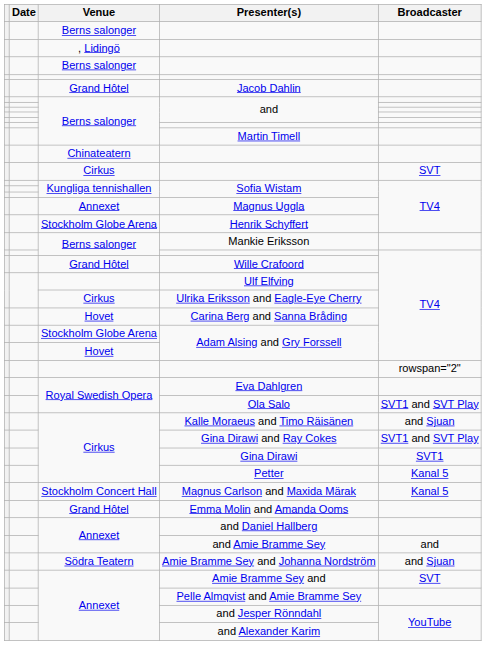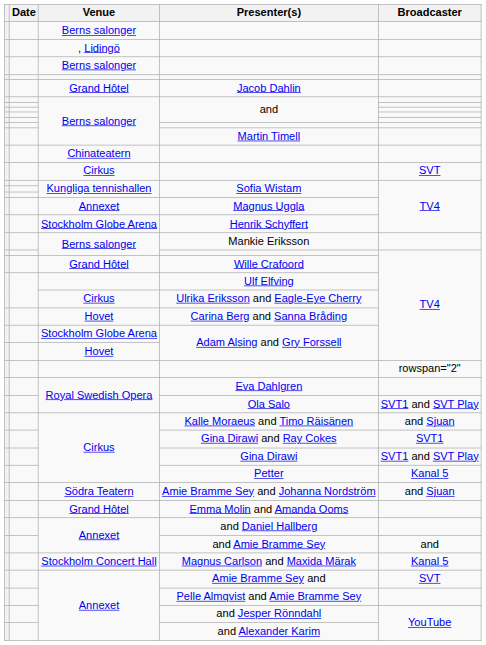 <table class="wikitable sortable plainrowheaders" style="text-align:center">
 <tr>
 <th scope="col"></th>
 <th scope="col">Date</th>
 <th scope="col">Venue</th>
 <th scope="col" class="unsortable">Presenter(s)</th>
 <th scope="col">Broadcaster</th>
 </tr>
 <tr>
 <th scope="row"></th>
 <td></td>
 <td><a href='#'>Berns salonger</a></td>
 <td></td>
 <td></td>
 </tr>
 <tr>
 <th scope="row"></th>
 <td></td>
 <td>, <a href='#'>Lidingö</a></td>
 <td></td>
 <td></td>
 </tr>
 <tr>
 <th scope="row"></th>
 <td></td>
 <td><a href='#'>Berns salonger</a></td>
 <td></td>
 <td></td>
 </tr>
 <tr>
 <th scope="row"></th>
 <td></td>
 <td></td>
 <td></td>
 <td></td>
 </tr>
 <tr>
 <th scope="row"></th>
 <td></td>
 <td><a href='#'>Grand Hôtel</a></td>
 <td><a href='#'>Jacob Dahlin</a></td>
 <td></td>
 </tr>
 <tr>
 <th scope="row"></th>
 <td></td>
 <td rowspan="7"><a href='#'>Berns salonger</a></td>
 <td rowspan="5"> and </td>
 <td></td>
 </tr>
 <tr>
 <th scope="row"></th>
 <td></td>
 <td></td>
 </tr>
 <tr>
 <th scope="row"></th>
 <td></td>
 <td></td>
 </tr>
 <tr>
 <th scope="row"></th>
 <td></td>
 <td></td>
 </tr>
 <tr>
 <th scope="row"></th>
 <td></td>
 <td></td>
 </tr>
 <tr>
 <th scope="row"></th>
 <td></td>
 <td></td>
 <td></td>
 </tr>
 <tr>
 <th scope="row"></th>
 <td></td>
 <td><a href='#'>Martin Timell</a></td>
 <td></td>
 </tr>
 <tr>
 <th scope="row"></th>
 <td></td>
 <td><a href='#'>Chinateatern</a></td>
 <td></td>
 <td></td>
 </tr>
 <tr>
 <th scope="row"></th>
 <td></td>
 <td><a href='#'>Cirkus</a></td>
 <td></td>
 <td><a href='#'>SVT</a></td>
 </tr>
 <tr>
 <th scope="row"></th>
 <td></td>
 <td rowspan="3"><a href='#'>Kungliga tennishallen</a></td>
 <td rowspan="3"><a href='#'>Sofia Wistam</a></td>
 <td rowspan="5"><a href='#'>TV4</a></td>
 </tr>
 <tr>
 <th scope="row"></th>
 <td></td>
 </tr>
 <tr>
 <th scope="row"></th>
 <td></td>
 </tr>
 <tr>
 <th scope="row"></th>
 <td></td>
 <td><a href='#'>Annexet</a></td>
 <td><a href='#'>Magnus Uggla</a></td>
 </tr>
 <tr>
 <th scope="row"></th>
 <td></td>
 <td><a href='#'>Stockholm Globe Arena</a></td>
 <td><a href='#'>Henrik Schyffert</a></td>
 </tr>
 <tr>
 <th scope="row"></th>
 <td></td>
 <td rowspan="2"><a href='#'>Berns salonger</a></td>
 <td>Mankie Eriksson</td>
 <td></td>
 </tr>
 <tr>
 <th scope="row"></th>
 <td></td>
 <td></td>
 <td rowspan="7"><a href='#'>TV4</a></td>
 </tr>
 <tr>
 <th scope="row"></th>
 <td></td>
 <td><a href='#'>Grand Hôtel</a></td>
 <td><a href='#'>Wille Crafoord</a></td>
 </tr>
 <tr>
 <th scope="row" rowspan="2"></th>
 <td rowspan="2"></td>
 <td></td>
 <td><a href='#'>Ulf Elfving</a></td>
 </tr>
 <tr>
 <td><a href='#'>Cirkus</a></td>
 <td><a href='#'>Ulrika Eriksson</a> and <a href='#'>Eagle-Eye Cherry</a></td>
 </tr>
 <tr>
 <th scope="row"></th>
 <td></td>
 <td><a href='#'>Hovet</a></td>
 <td><a href='#'>Carina Berg</a> and <a href='#'>Sanna Bråding</a></td>
 </tr>
 <tr>
 <th scope="row"></th>
 <td></td>
 <td><a href='#'>Stockholm Globe Arena</a></td>
 <td rowspan="2"><a href='#'>Adam Alsing</a> and <a href='#'>Gry Forssell</a></td>
 </tr>
 <tr>
 <th scope="row"></th>
 <td></td>
 <td><a href='#'>Hovet</a></td>
 </tr>
 <tr>
 <th scope="row"></th>
 <td></td>
 <td></td>
 <td></td>
 <td>rowspan="2"</td>
 </tr>
 <tr>
 <th scope="row"></th>
 <td></td>
 <td rowspan="2"><a href='#'>Royal Swedish Opera</a></td>
 <td><a href='#'>Eva Dahlgren</a></td>
 </tr>
 <tr>
 <th scope="row"></th>
 <td></td>
 <td><a href='#'>Ola Salo</a></td>
 <td><a href='#'>SVT1</a> and <a href='#'>SVT Play</a></td>
 </tr>
 <tr>
 <th scope="row"></th>
 <td></td>
 <td rowspan="4"><a href='#'>Cirkus</a></td>
 <td><a href='#'>Kalle Moraeus</a> and <a href='#'>Timo Räisänen</a></td>
 <td> and <a href='#'>Sjuan</a></td>
 </tr>
 <tr>
 <th scope="row"></th>
 <td></td>
 <td><a href='#'>Gina Dirawi</a> and <a href='#'>Ray Cokes</a></td>
-<td><a href='#'>SVT1</a> and <a href='#'>SVT Play</a></td>
+<td><a href='#'>SVT1</a></td>
 </tr>
 <tr>
 <th scope="row"></th>
 <td></td>
 <td><a href='#'>Gina Dirawi</a></td>
-<td><a href='#'>SVT1</a></td>
+<td><a href='#'>SVT1</a> and <a href='#'>SVT Play</a></td>
 </tr>
 <tr>
 <th scope="row"></th>
 <td></td>
 <td><a href='#'>Petter</a></td>
 <td><a href='#'>Kanal 5</a></td>
 </tr>
 <tr>
 <th scope="row"></th>
 <td></td>
-<td><a href='#'>Stockholm Concert Hall</a></td>
-<td><a href='#'>Magnus Carlson</a> and <a href='#'>Maxida Märak</a></td>
-<td><a href='#'>Kanal 5</a></td>
+<td><a href='#'>Södra Teatern</a></td>
+<td><a href='#'>Amie Bramme Sey</a> and <a href='#'>Johanna Nordström</a></td>
+<td> and <a href='#'>Sjuan</a></td>
 </tr>
 <tr>
 <th scope="row"></th>
 <td></td>
 <td><a href='#'>Grand Hôtel</a></td>
 <td><a href='#'>Emma Molin</a> and <a href='#'>Amanda Ooms</a></td>
 <td></td>
 </tr>
 <tr>
 <th scope="row"></th>
 <td></td>
 <td rowspan="2"><a href='#'>Annexet</a></td>
 <td> and <a href='#'>Daniel Hallberg</a></td>
 <td></td>
 </tr>
 <tr>
 <th scope="row"></th>
 <td></td>
 <td> and <a href='#'>Amie Bramme Sey</a></td>
 <td> and </td>
 </tr>
 <tr>
 <th scope="row"></th>
 <td></td>
-<td><a href='#'>Södra Teatern</a></td>
-<td><a href='#'>Amie Bramme Sey</a> and <a href='#'>Johanna Nordström</a></td>
-<td> and <a href='#'>Sjuan</a></td>
+<td><a href='#'>Stockholm Concert Hall</a></td>
+<td><a href='#'>Magnus Carlson</a> and <a href='#'>Maxida Märak</a></td>
+<td><a href='#'>Kanal 5</a></td>
 </tr>
 <tr>
 <th scope="row"></th>
 <td></td>
 <td rowspan="4"><a href='#'>Annexet</a></td>
 <td><a href='#'>Amie Bramme Sey</a> and </td>
 <td><a href='#'>SVT</a></td>
 </tr>
 <tr>
 <th scope="row"></th>
 <td></td>
 <td><a href='#'>Pelle Almqvist</a> and <a href='#'>Amie Bramme Sey</a></td>
 <td></td>
 </tr>
 <tr>
 <th scope="row"></th>
 <td></td>
 <td> and <a href='#'>Jesper Rönndahl</a></td>
 <td rowspan="2"><a href='#'>YouTube</a></td>
 </tr>
 <tr>
 <th scope="row"></th>
 <td></td>
 <td> and <a href='#'>Alexander Karim</a></td>
 </tr>
 </table>
